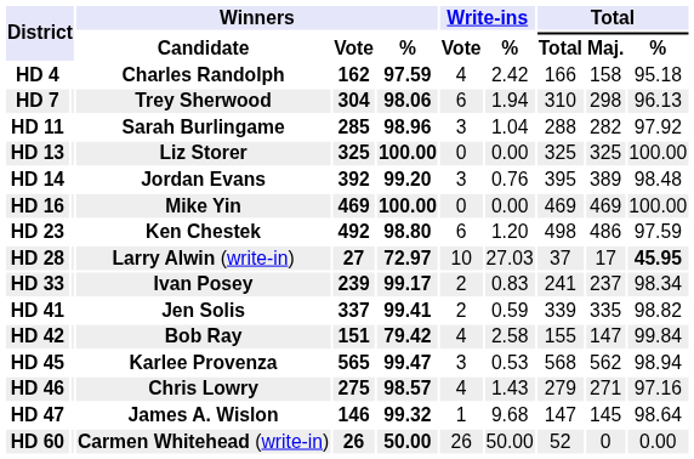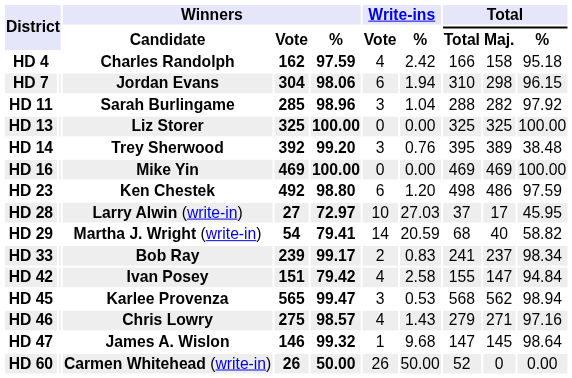 <table class="toccolours sortable" style="text-align:center;">
 <tr style="background:lavender">
 <th rowspan="3" colspan="2">District</th>
 <th colspan=3>Winners</th>
 <th colspan=2><a href='#'>Write-ins</a></th>
 <th colspan=3>Total</th>
 </tr>
 <tr>
 <th colspan=3 style="background-color:"></th>
 <th colspan=2 style="background-color:#ffffff"></th>
 <th colspan=3 style="background-color:#000000"></th>
 </tr>
 <tr>
 <th align="center">Candidate</th>
 <th align="center">Vote</th>
 <th align="center">%</th>
 <th align="center">Vote</th>
 <th align="center">%</th>
 <th align="center">Total</th>
 <th align="center">Maj.</th>
 <th align="center">%</th>
 </tr>
 <tr>
 <th>HD 4</th>
 <td style="background-color:"></td>
 <td><strong>Charles Randolph</strong></td>
 <td><strong>162</strong></td>
 <td><strong>97.59</strong></td>
 <td>4</td>
 <td>2.42</td>
 <td>166</td>
 <td>158</td>
 <td>95.18</td>
 </tr>
 <tr style="background:#EEEEEE;">
 <th>HD 7</th>
 <td style="background-color:"></td>
-<td><strong>Trey Sherwood</strong></td>
+<td><strong>Jordan Evans</strong></td>
 <td><strong>304</strong></td>
 <td><strong>98.06</strong></td>
 <td>6</td>
 <td>1.94</td>
 <td>310</td>
 <td>298</td>
-<td>96.13</td>
+<td>96.15</td>
 </tr>
 <tr>
 <th>HD 11</th>
 <td style="background-color:"></td>
 <td><strong>Sarah Burlingame</strong></td>
 <td><strong>285</strong></td>
 <td><strong>98.96</strong></td>
 <td>3</td>
 <td>1.04</td>
 <td>288</td>
 <td>282</td>
 <td>97.92</td>
 </tr>
 <tr style="background:#EEEEEE;">
 <th>HD 13</th>
 <td style="background-color:"></td>
 <td><strong>Liz Storer</strong></td>
 <td><strong>325</strong></td>
 <td><strong>100.00</strong></td>
 <td>0</td>
 <td>0.00</td>
 <td>325</td>
 <td>325</td>
 <td>100.00</td>
 </tr>
 <tr>
 <th>HD 14</th>
 <td style="background-color:"></td>
-<td><strong>Jordan Evans</strong></td>
+<td><strong>Trey Sherwood</strong></td>
 <td><strong>392</strong></td>
 <td><strong>99.20</strong></td>
 <td>3</td>
 <td>0.76</td>
 <td>395</td>
 <td>389</td>
-<td>98.48</td>
+<td>38.48</td>
 </tr>
 <tr style="background:#EEEEEE;">
 <th>HD 16</th>
 <td style="background-color:"></td>
 <td><strong>Mike Yin</strong></td>
 <td><strong>469</strong></td>
 <td><strong>100.00</strong></td>
 <td>0</td>
 <td>0.00</td>
 <td>469</td>
 <td>469</td>
 <td>100.00</td>
 </tr>
 <tr>
 <th>HD 23</th>
 <td style="background-color:"></td>
 <td><strong>Ken Chestek</strong></td>
 <td><strong>492</strong></td>
 <td><strong>98.80</strong></td>
 <td>6</td>
 <td>1.20</td>
 <td>498</td>
 <td>486</td>
 <td>97.59</td>
 </tr>
 <tr style="background:#EEEEEE;">
 <th>HD 28</th>
 <td style="background-color:"></td>
 <td><strong>Larry Alwin</strong> (<a href='#'>write-in</a>)</td>
 <td><strong>27</strong></td>
 <td><strong>72.97</strong></td>
 <td>10</td>
 <td>27.03</td>
 <td>37</td>
 <td>17</td>
-<td><strong>45.95</strong></td>
+<td>45.95</td>
+</tr>
+<tr>
+<th>HD 29</th>
+<td style="background-color:"></td>
+<td><strong>Martha J. Wright</strong> (<a href='#'>write-in</a>)</td>
+<td><strong>54</strong></td>
+<td><strong>79.41</strong></td>
+<td>14</td>
+<td>20.59</td>
+<td>68</td>
+<td>40</td>
+<td>58.82</td>
 </tr>
 <tr style="background:#EEEEEE;">
 <th>HD 33</th>
 <td style="background-color:"></td>
-<td><strong>Ivan Posey</strong></td>
+<td><strong>Bob Ray</strong></td>
 <td><strong>239</strong></td>
 <td><strong>99.17</strong></td>
 <td>2</td>
 <td>0.83</td>
 <td>241</td>
 <td>237</td>
 <td>98.34</td>
 </tr>
-<tr>
-<th>HD 41</th>
-<td style="background-color:"></td>
-<td><strong>Jen Solis</strong></td>
-<td><strong>337	</strong></td>
-<td><strong>99.41</strong></td>
-<td>2</td>
-<td>0.59</td>
-<td>339</td>
-<td>335</td>
-<td>98.82</td>
-</tr>
 <tr style="background:#EEEEEE;">
 <th>HD 42</th>
 <td style="background-color:"></td>
-<td><strong>Bob Ray</strong></td>
+<td><strong>Ivan Posey</strong></td>
 <td><strong>151</strong></td>
 <td><strong>79.42</strong></td>
 <td>4</td>
 <td>2.58</td>
 <td>155</td>
 <td>147</td>
-<td>99.84</td>
+<td>94.84</td>
 </tr>
 <tr>
 <th>HD 45</th>
 <td style="background-color:"></td>
 <td><strong>Karlee Provenza</strong></td>
 <td><strong>565</strong></td>
 <td><strong>99.47</strong></td>
 <td>3</td>
 <td>0.53</td>
 <td>568</td>
 <td>562</td>
 <td>98.94</td>
 </tr>
 <tr style="background:#EEEEEE;">
 <th>HD 46</th>
 <td style="background-color:"></td>
 <td><strong>Chris Lowry</strong></td>
 <td><strong>275</strong></td>
 <td><strong>98.57</strong></td>
 <td>4</td>
 <td>1.43</td>
 <td>279</td>
 <td>271</td>
 <td>97.16</td>
 </tr>
 <tr>
 <th>HD 47</th>
 <td style="background-color:"></td>
 <td><strong>James A. Wislon</strong></td>
 <td><strong>146</strong></td>
 <td><strong>99.32</strong></td>
 <td>1</td>
 <td>9.68</td>
 <td>147</td>
 <td>145</td>
 <td>98.64</td>
 </tr>
 <tr style="background:#EEEEEE;">
 <th>HD 60</th>
 <td style="background-color:"></td>
 <td><strong>Carmen Whitehead</strong> (<a href='#'>write-in</a>)</td>
 <td><strong>26</strong></td>
 <td><strong>50.00</strong></td>
 <td>26</td>
 <td>50.00</td>
 <td>52</td>
 <td>0</td>
 <td>0.00</td>
 </tr>
 </table>
